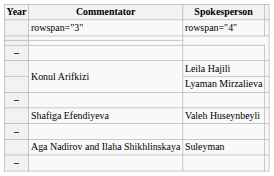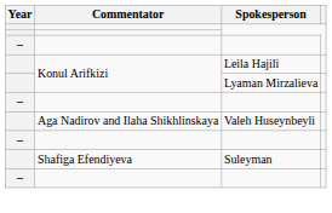 <table class="wikitable sortable plainrowheaders">
 <tr>
 <th scope="col">Year</th>
 <th scope="col">Commentator</th>
 <th scope="col">Spokesperson</th>
 <th scope="col" class="unsortable"></th>
-</tr>
-<tr>
-<th scope="row"></th>
-<td>rowspan="3" </td>
-<td>rowspan="4" </td>
-<td></td>
 </tr>
 <tr>
 <th scope="row"></th>
 <td></td>
 </tr>
 <tr>
 <th scope="row"></th>
 <td></td>
 </tr>
 <tr>
 <th scope="row">–</th>
 <td></td>
 <td></td>
 </tr>
 <tr>
 <th scope="row"></th>
 <td rowspan="2">Konul Arifkizi</td>
 <td>Leila Hajili</td>
 <td></td>
 </tr>
 <tr>
 <th scope="row"></th>
 <td>Lyaman Mirzalieva</td>
 <td></td>
 </tr>
 <tr>
 <th scope="row">–</th>
 <td></td>
 <td></td>
 <td></td>
 </tr>
 <tr>
 <th scope="row"></th>
-<td>Shafiga Efendiyeva</td>
+<td>Aga Nadirov and Ilaha Shikhlinskaya</td>
 <td>Valeh Huseynbeyli</td>
 <td></td>
 </tr>
 <tr>
 <th scope="row">–</th>
 <td></td>
 <td></td>
 <td></td>
 </tr>
 <tr>
 <th scope="row"></th>
-<td>Aga Nadirov and Ilaha Shikhlinskaya</td>
+<td>Shafiga Efendiyeva</td>
 <td>Suleyman</td>
 <td></td>
 </tr>
 <tr>
 <th scope="row">–</th>
 <td></td>
 <td></td>
 <td></td>
 </tr>
 </table>
